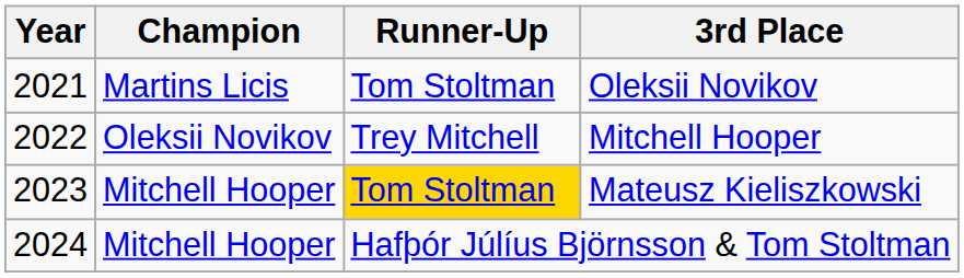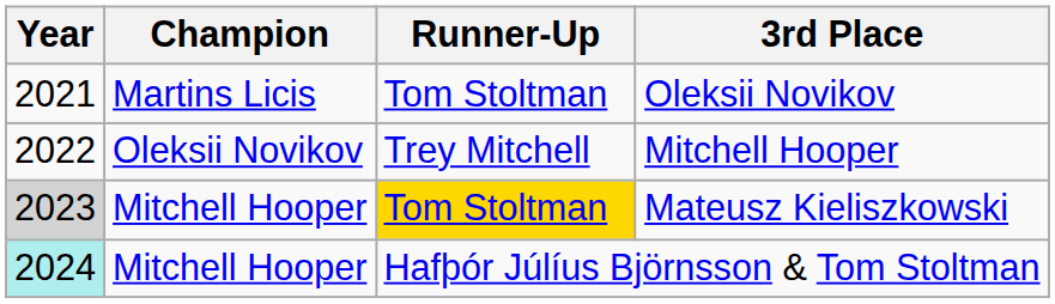 <table class="wikitable" style="display: inline-table;">
 <tr>
 <th>Year</th>
 <th>Champion</th>
 <th>Runner-Up</th>
 <th>3rd Place</th>
 </tr>
 <tr>
 <td>2021</td>
 <td> <a href='#'>Martins Licis</a></td>
 <td> <a href='#'>Tom Stoltman</a></td>
 <td> <a href='#'>Oleksii Novikov</a></td>
 </tr>
 <tr>
 <td>2022</td>
 <td> <a href='#'>Oleksii Novikov</a></td>
 <td> <a href='#'>Trey Mitchell</a></td>
 <td> <a href='#'>Mitchell Hooper</a></td>
 </tr>
 <tr>
-<td>2023</td>
+<td style="background: lightgrey;">2023</td>
 <td> <a href='#'>Mitchell Hooper</a></td>
 <td style="background: gold;"> <a href='#'>Tom Stoltman</a></td>
 <td> <a href='#'>Mateusz Kieliszkowski</a></td>
 </tr>
 <tr>
-<td>2024</td>
+<td style="background: paleturquoise;">2024</td>
 <td> <a href='#'>Mitchell Hooper</a></td>
 <td COLSPAN=2> <a href='#'>Hafþór Júlíus Björnsson</a> &  <a href='#'>Tom Stoltman</a></td>
 </tr>
 </table>
